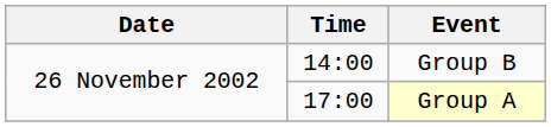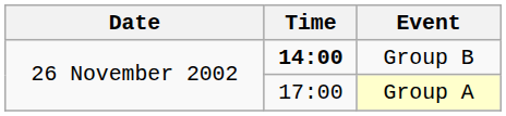 <table class = "wikitable" style="text-align:center;">
 <tr>
 <th width=150>Date</th>
 <th width=50>Time</th>
 <th width=80>Event</th>
 </tr>
 <tr>
 <td rowspan=2>26 November 2002</td>
-<td>14:00</td>
+<td><strong>14:00</strong></td>
 <td>Group B</td>
 </tr>
 <tr>
 <td>17:00</td>
 <td bgcolor=ffffcc>Group A</td>
 </tr>
 </table>
